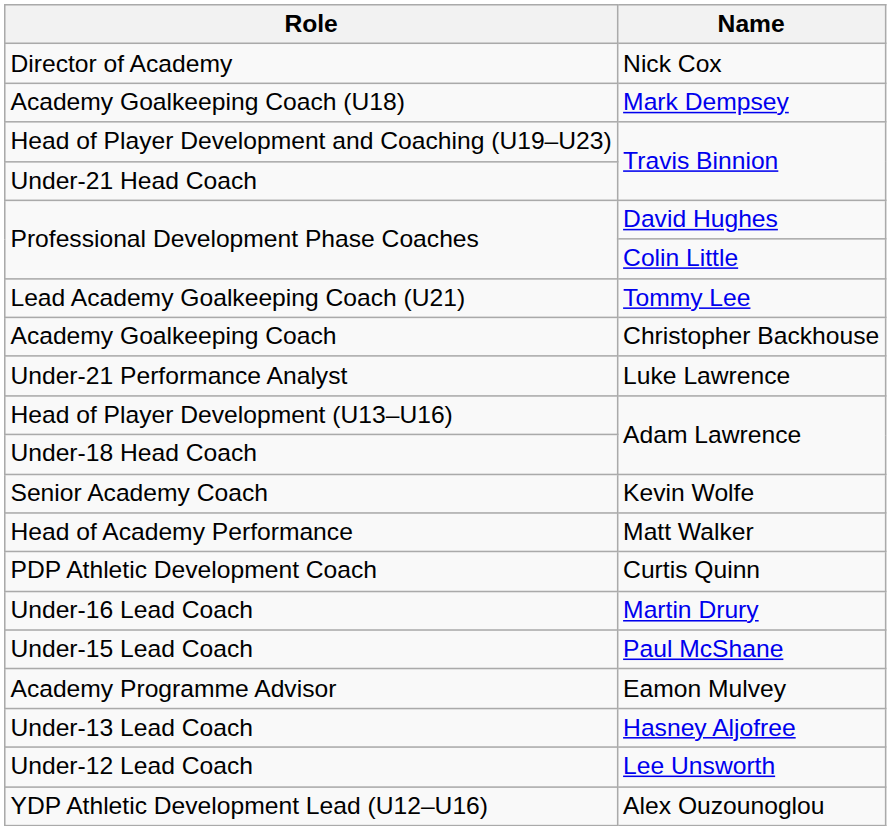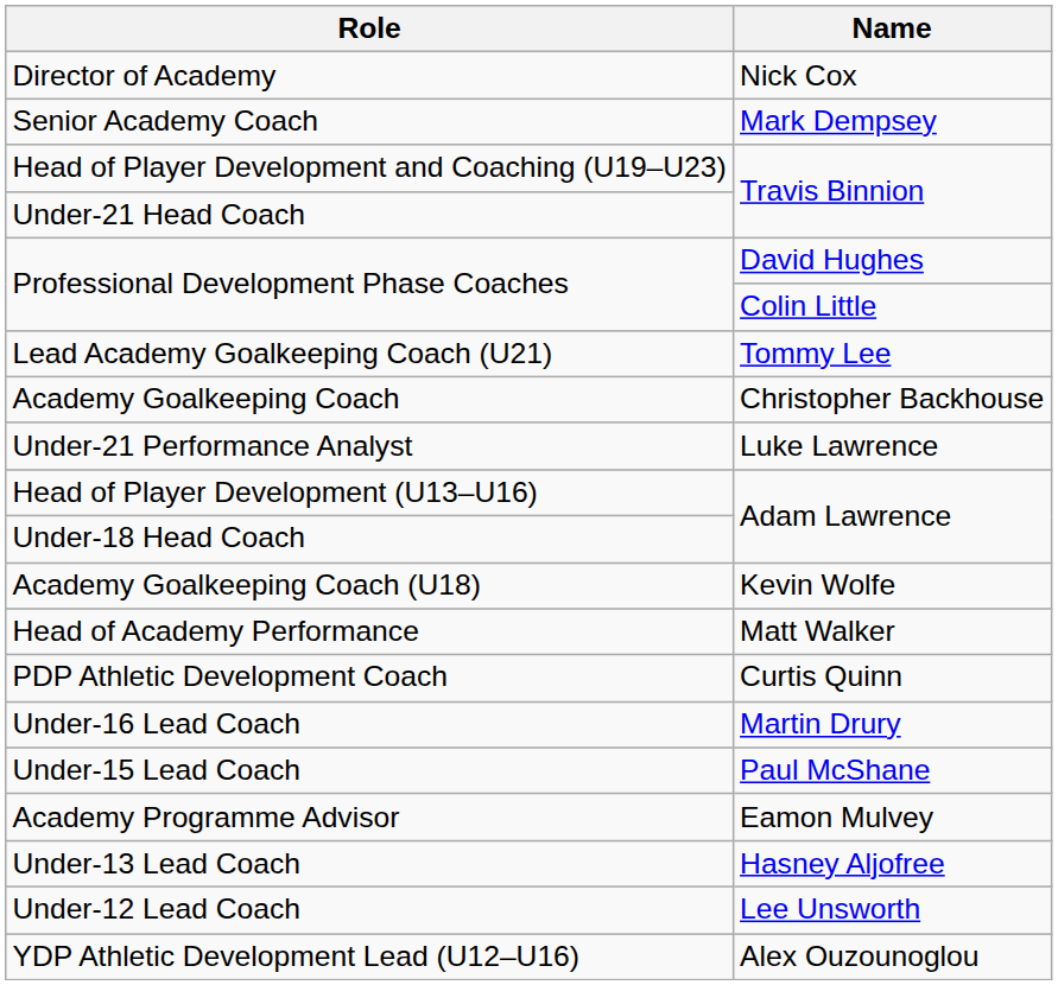 <table class="wikitable">
 <tr>
 <th>Role</th>
 <th>Name</th>
 </tr>
 <tr>
 <td>Director of Academy</td>
 <td> Nick Cox</td>
 </tr>
 <tr>
-<td>Academy Goalkeeping Coach (U18)</td>
+<td>Senior Academy Coach</td>
 <td> <a href='#'>Mark Dempsey</a></td>
 </tr>
 <tr>
 <td>Head of Player Development and Coaching (U19–U23)</td>
 <td rowspan="2"> <a href='#'>Travis Binnion</a></td>
 </tr>
 <tr>
 <td>Under-21 Head Coach</td>
 </tr>
 <tr>
 <td rowspan="2">Professional Development Phase Coaches</td>
 <td> <a href='#'>David Hughes</a></td>
 </tr>
 <tr>
 <td> <a href='#'>Colin Little</a></td>
 </tr>
 <tr>
 <td>Lead Academy Goalkeeping Coach (U21)</td>
 <td><a href='#'>Tommy Lee</a></td>
 </tr>
 <tr>
 <td>Academy Goalkeeping Coach</td>
 <td>Christopher Backhouse</td>
 </tr>
 <tr>
 <td>Under-21 Performance Analyst</td>
 <td> Luke Lawrence</td>
 </tr>
 <tr>
 <td>Head of Player Development (U13–U16)</td>
 <td rowspan="2">Adam Lawrence</td>
 </tr>
 <tr>
 <td>Under-18 Head Coach</td>
 </tr>
 <tr>
-<td>Senior Academy Coach</td>
+<td>Academy Goalkeeping Coach (U18)</td>
 <td>Kevin Wolfe</td>
 </tr>
 <tr>
 <td>Head of Academy Performance</td>
 <td>Matt Walker</td>
 </tr>
 <tr>
 <td>PDP Athletic Development Coach</td>
 <td>Curtis Quinn</td>
 </tr>
 <tr>
 <td>Under-16 Lead Coach</td>
 <td> <a href='#'>Martin Drury</a></td>
 </tr>
 <tr>
 <td>Under-15 Lead Coach</td>
 <td> <a href='#'>Paul McShane</a></td>
 </tr>
 <tr>
 <td>Academy Programme Advisor</td>
 <td>Eamon Mulvey</td>
 </tr>
 <tr>
 <td>Under-13 Lead Coach</td>
 <td> <a href='#'>Hasney Aljofree</a></td>
 </tr>
 <tr>
 <td>Under-12 Lead Coach</td>
 <td> <a href='#'>Lee Unsworth</a></td>
 </tr>
 <tr>
 <td>YDP Athletic Development Lead (U12–U16)</td>
 <td>Alex Ouzounoglou</td>
 </tr>
 </table>
